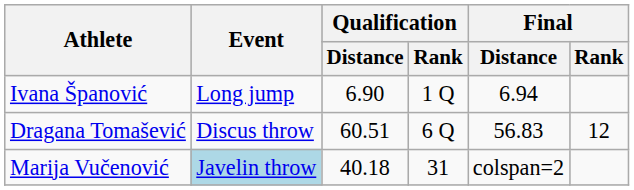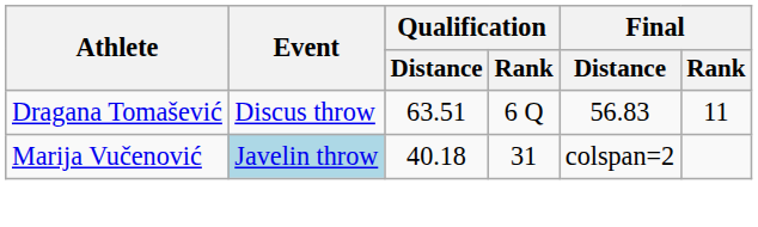 <table class="wikitable" style="font-size:90%">
 <tr>
 <th rowspan=2>Athlete</th>
 <th rowspan=2>Event</th>
 <th colspan=2>Qualification</th>
 <th colspan=2>Final</th>
 </tr>
 <tr style="font-size:95%">
 <th>Distance</th>
 <th>Rank</th>
 <th>Distance</th>
 <th>Rank</th>
 </tr>
 <tr align=center>
-<td align=left><a href='#'>Ivana Španović</a></td>
-<td style="text-align:left;"><a href='#'>Long jump</a></td>
-<td>6.90</td>
-<td>1 Q</td>
-<td>6.94</td>
-<td></td>
-</tr>
-<tr align=center>
 <td align=left><a href='#'>Dragana Tomašević</a></td>
 <td style="text-align:left;"><a href='#'>Discus throw</a></td>
-<td>60.51</td>
+<td>63.51</td>
 <td>6 Q</td>
 <td>56.83</td>
-<td>12</td>
+<td>11</td>
 </tr>
 <tr align=center>
 <td align=left><a href='#'>Marija Vučenović</a></td>
 <td style="background: lightblue; text-align:left;"><a href='#'>Javelin throw</a></td>
 <td>40.18</td>
 <td>31</td>
 <td>colspan=2 </td>
 </tr>
 </table>
